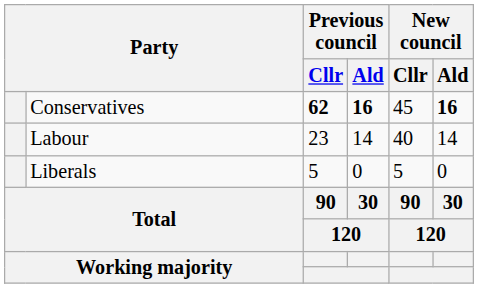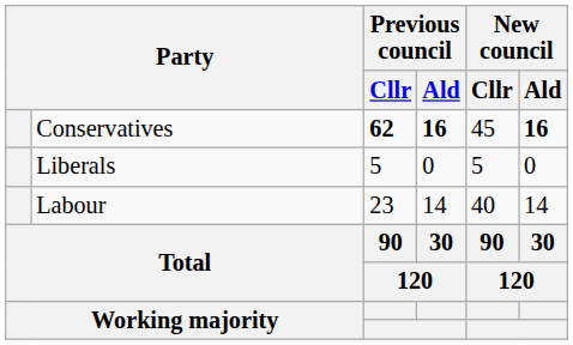 <table class="wikitable">
 <tr>
 <th colspan="2" rowspan="2" style="width: 230px">Party</th>
 <th valign=top colspan="2" style="width: 30px">Previous council</th>
 <th valign=top colspan="2" style="width: 30px">New council</th>
 </tr>
 <tr>
 <th><a href='#'>Cllr</a></th>
 <th><a href='#'>Ald</a></th>
 <th>Cllr</th>
 <th>Ald</th>
 </tr>
 <tr>
 <th style="background-color: "></th>
 <td>Conservatives</td>
 <td><strong>62</strong></td>
 <td><strong>16</strong></td>
 <td>45</td>
 <td><strong>16</strong></td>
 </tr>
 <tr>
 <th style="background-color: "></th>
+<td>Liberals</td>
+<td>5</td>
+<td>0</td>
+<td>5</td>
+<td>0</td>
+</tr>
+<tr>
+<th style="background-color: "></th>
 <td>Labour</td>
 <td>23</td>
 <td>14</td>
 <td>40</td>
 <td>14</td>
-</tr>
-<tr>
-<th style="background-color: "></th>
-<td>Liberals</td>
-<td>5</td>
-<td>0</td>
-<td>5</td>
-<td>0</td>
 </tr>
 <tr>
 <th colspan="2" rowspan="2">Total</th>
 <th style="text-align: center">90</th>
 <th style="text-align: center">30</th>
 <th style="text-align: center">90</th>
 <th style="text-align: center">30</th>
 </tr>
 <tr>
 <th colspan="2" style="text-align: center">120</th>
 <th colspan="2" style="text-align: center">120</th>
 </tr>
 <tr>
 <th colspan="2" rowspan="2">Working majority</th>
 <th></th>
 <th></th>
 <th></th>
 <th></th>
 </tr>
 <tr>
 <th colspan="2"></th>
 <th colspan="2"></th>
 </tr>
 </table>
